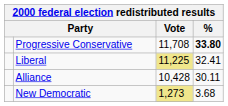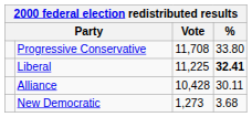 <table class="wikitable">
 <tr>
 <th colspan="4"><a href='#'>2000 federal election</a> redistributed results</th>
 </tr>
 <tr>
 <th bgcolor="#DDDDFF" width="230px" colspan="2">Party</th>
 <th bgcolor="#DDDDFF" width="50px">Vote</th>
 <th bgcolor="#DDDDFF" width="30px">%</th>
 </tr>
 <tr>
 <td> </td>
 <td><a href='#'>Progressive Conservative</a></td>
 <td>11,708</td>
-<td><strong>33.80</strong></td>
+<td>33.80</td>
 </tr>
 <tr>
 <td> </td>
 <td><a href='#'>Liberal</a></td>
-<td style="background: khaki;">11,225</td>
-<td>32.41</td>
+<td>11,225</td>
+<td><strong>32.41</strong></td>
 </tr>
 <tr>
 <td> </td>
 <td><a href='#'>Alliance</a></td>
 <td>10,428</td>
 <td>30.11</td>
 </tr>
 <tr>
 <td> </td>
 <td><a href='#'>New Democratic</a></td>
-<td style="background: khaki;">1,273</td>
+<td>1,273</td>
 <td>3.68</td>
 </tr>
 </table>
